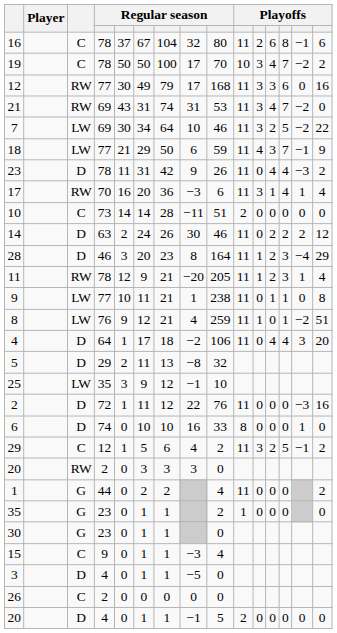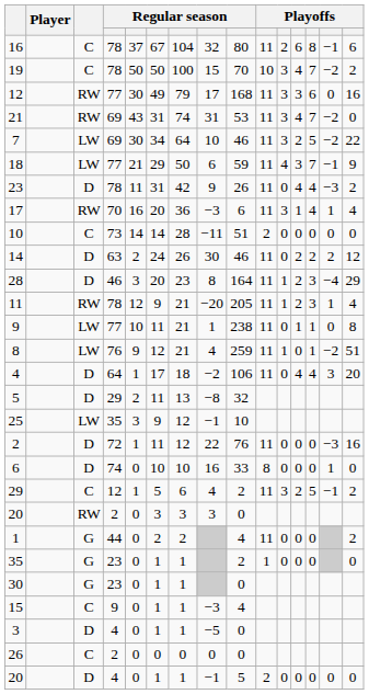 <table class="wikitable sortable plainrowheaders" style="text-align:center;">
 <tr>
 <th scope="col" data-sort-type="number" rowspan="2"></th>
 <th scope="col" rowspan="2">Player</th>
 <th scope="col" rowspan="2"></th>
 <th scope=colgroup colspan=6>Regular season</th>
 <th scope=colgroup colspan=6>Playoffs</th>
 </tr>
 <tr>
 <th scope="col" data-sort-type="number"></th>
 <th scope="col" data-sort-type="number"></th>
 <th scope="col" data-sort-type="number"></th>
 <th scope="col" data-sort-type="number"></th>
 <th scope="col" data-sort-type="number"></th>
 <th scope="col" data-sort-type="number"></th>
 <th scope="col" data-sort-type="number"></th>
 <th scope="col" data-sort-type="number"></th>
 <th scope="col" data-sort-type="number"></th>
 <th scope="col" data-sort-type="number"></th>
 <th scope="col" data-sort-type="number"></th>
 <th scope="col" data-sort-type="number"></th>
 </tr>
 <tr>
 <td scope="row">16</td>
 <td align="left"></td>
 <td>C</td>
 <td>78</td>
 <td>37</td>
 <td>67</td>
 <td>104</td>
 <td>32</td>
 <td>80</td>
 <td>11</td>
 <td>2</td>
 <td>6</td>
 <td>8</td>
 <td>−1</td>
 <td>6</td>
 </tr>
 <tr>
 <td scope="row">19</td>
 <td align="left"></td>
 <td>C</td>
 <td>78</td>
 <td>50</td>
 <td>50</td>
 <td>100</td>
-<td>17</td>
+<td>15</td>
 <td>70</td>
 <td>10</td>
 <td>3</td>
 <td>4</td>
 <td>7</td>
 <td>−2</td>
 <td>2</td>
 </tr>
 <tr>
 <td scope="row">12</td>
 <td align="left"></td>
 <td>RW</td>
 <td>77</td>
 <td>30</td>
 <td>49</td>
 <td>79</td>
 <td>17</td>
 <td>168</td>
 <td>11</td>
 <td>3</td>
 <td>3</td>
 <td>6</td>
 <td>0</td>
 <td>16</td>
 </tr>
 <tr>
 <td scope="row">21</td>
 <td align="left"></td>
 <td>RW</td>
 <td>69</td>
 <td>43</td>
 <td>31</td>
 <td>74</td>
 <td>31</td>
 <td>53</td>
 <td>11</td>
 <td>3</td>
 <td>4</td>
 <td>7</td>
 <td>−2</td>
 <td>0</td>
 </tr>
 <tr>
 <td scope="row">7</td>
 <td align="left"></td>
 <td>LW</td>
 <td>69</td>
 <td>30</td>
 <td>34</td>
 <td>64</td>
 <td>10</td>
 <td>46</td>
 <td>11</td>
 <td>3</td>
 <td>2</td>
 <td>5</td>
 <td>−2</td>
 <td>22</td>
 </tr>
 <tr>
 <td scope="row">18</td>
 <td align="left"></td>
 <td>LW</td>
 <td>77</td>
 <td>21</td>
 <td>29</td>
 <td>50</td>
 <td>6</td>
 <td>59</td>
 <td>11</td>
 <td>4</td>
 <td>3</td>
 <td>7</td>
 <td>−1</td>
 <td>9</td>
 </tr>
 <tr>
 <td scope="row">23</td>
 <td align="left"></td>
 <td>D</td>
 <td>78</td>
 <td>11</td>
 <td>31</td>
 <td>42</td>
 <td>9</td>
 <td>26</td>
 <td>11</td>
 <td>0</td>
 <td>4</td>
 <td>4</td>
 <td>−3</td>
 <td>2</td>
 </tr>
 <tr>
 <td scope="row">17</td>
 <td align="left"></td>
 <td>RW</td>
 <td>70</td>
 <td>16</td>
 <td>20</td>
 <td>36</td>
 <td>−3</td>
 <td>6</td>
 <td>11</td>
 <td>3</td>
 <td>1</td>
 <td>4</td>
 <td>1</td>
 <td>4</td>
 </tr>
 <tr>
 <td scope="row">10</td>
 <td align="left"></td>
 <td>C</td>
 <td>73</td>
 <td>14</td>
 <td>14</td>
 <td>28</td>
 <td>−11</td>
 <td>51</td>
 <td>2</td>
 <td>0</td>
 <td>0</td>
 <td>0</td>
 <td>0</td>
 <td>0</td>
 </tr>
 <tr>
 <td scope="row">14</td>
 <td align="left"></td>
 <td>D</td>
 <td>63</td>
 <td>2</td>
 <td>24</td>
 <td>26</td>
 <td>30</td>
 <td>46</td>
 <td>11</td>
 <td>0</td>
 <td>2</td>
 <td>2</td>
 <td>2</td>
 <td>12</td>
 </tr>
 <tr>
 <td scope="row">28</td>
 <td align="left"></td>
 <td>D</td>
 <td>46</td>
 <td>3</td>
 <td>20</td>
 <td>23</td>
 <td>8</td>
 <td>164</td>
 <td>11</td>
 <td>1</td>
 <td>2</td>
 <td>3</td>
 <td>−4</td>
 <td>29</td>
 </tr>
 <tr>
 <td scope="row">11</td>
 <td align="left"></td>
 <td>RW</td>
 <td>78</td>
 <td>12</td>
 <td>9</td>
 <td>21</td>
 <td>−20</td>
 <td>205</td>
 <td>11</td>
 <td>1</td>
 <td>2</td>
 <td>3</td>
 <td>1</td>
 <td>4</td>
 </tr>
 <tr>
 <td scope="row">9</td>
 <td align="left"></td>
 <td>LW</td>
 <td>77</td>
 <td>10</td>
 <td>11</td>
 <td>21</td>
 <td>1</td>
 <td>238</td>
 <td>11</td>
 <td>0</td>
 <td>1</td>
 <td>1</td>
 <td>0</td>
 <td>8</td>
 </tr>
 <tr>
 <td scope="row">8</td>
 <td align="left"></td>
 <td>LW</td>
 <td>76</td>
 <td>9</td>
 <td>12</td>
 <td>21</td>
 <td>4</td>
 <td>259</td>
 <td>11</td>
 <td>1</td>
 <td>0</td>
 <td>1</td>
 <td>−2</td>
 <td>51</td>
 </tr>
 <tr>
 <td scope="row">4</td>
 <td align="left"></td>
 <td>D</td>
 <td>64</td>
 <td>1</td>
 <td>17</td>
 <td>18</td>
 <td>−2</td>
 <td>106</td>
 <td>11</td>
 <td>0</td>
 <td>4</td>
 <td>4</td>
 <td>3</td>
 <td>20</td>
 </tr>
 <tr>
 <td scope="row">5</td>
 <td align="left"></td>
 <td>D</td>
 <td>29</td>
 <td>2</td>
 <td>11</td>
 <td>13</td>
 <td>−8</td>
 <td>32</td>
 <td></td>
 <td></td>
 <td></td>
 <td></td>
 <td></td>
 <td></td>
 </tr>
 <tr>
 <td scope="row">25</td>
 <td align="left"></td>
 <td>LW</td>
 <td>35</td>
 <td>3</td>
 <td>9</td>
 <td>12</td>
 <td>−1</td>
 <td>10</td>
 <td></td>
 <td></td>
 <td></td>
 <td></td>
 <td></td>
 <td></td>
 </tr>
 <tr>
 <td scope="row">2</td>
 <td align="left"></td>
 <td>D</td>
 <td>72</td>
 <td>1</td>
 <td>11</td>
 <td>12</td>
 <td>22</td>
 <td>76</td>
 <td>11</td>
 <td>0</td>
 <td>0</td>
 <td>0</td>
 <td>−3</td>
 <td>16</td>
 </tr>
 <tr>
 <td scope="row">6</td>
 <td align="left"></td>
 <td>D</td>
 <td>74</td>
 <td>0</td>
 <td>10</td>
 <td>10</td>
 <td>16</td>
 <td>33</td>
 <td>8</td>
 <td>0</td>
 <td>0</td>
 <td>0</td>
 <td>1</td>
 <td>0</td>
 </tr>
 <tr>
 <td scope="row">29</td>
 <td align="left"></td>
 <td>C</td>
 <td>12</td>
 <td>1</td>
 <td>5</td>
 <td>6</td>
 <td>4</td>
 <td>2</td>
 <td>11</td>
 <td>3</td>
 <td>2</td>
 <td>5</td>
 <td>−1</td>
 <td>2</td>
 </tr>
 <tr>
 <td scope="row">20</td>
 <td align="left"></td>
 <td>RW</td>
 <td>2</td>
 <td>0</td>
 <td>3</td>
 <td>3</td>
 <td>3</td>
 <td>0</td>
 <td></td>
 <td></td>
 <td></td>
 <td></td>
 <td></td>
 <td></td>
 </tr>
 <tr>
 <td scope="row">1</td>
 <td align="left"></td>
 <td>G</td>
 <td>44</td>
 <td>0</td>
 <td>2</td>
 <td>2</td>
 <td style="background:#ccc"></td>
 <td>4</td>
 <td>11</td>
 <td>0</td>
 <td>0</td>
 <td>0</td>
 <td style="background:#ccc"></td>
 <td>2</td>
 </tr>
 <tr>
 <td scope="row">35</td>
 <td align="left"></td>
 <td>G</td>
 <td>23</td>
 <td>0</td>
 <td>1</td>
 <td>1</td>
 <td style="background:#ccc"></td>
 <td>2</td>
 <td>1</td>
 <td>0</td>
 <td>0</td>
 <td>0</td>
 <td style="background:#ccc"></td>
 <td>0</td>
 </tr>
 <tr>
 <td scope="row">30</td>
 <td align="left"></td>
 <td>G</td>
 <td>23</td>
 <td>0</td>
 <td>1</td>
 <td>1</td>
 <td style="background:#ccc"></td>
 <td>0</td>
 <td></td>
 <td></td>
 <td></td>
 <td></td>
 <td></td>
 <td></td>
 </tr>
 <tr>
 <td scope="row">15</td>
 <td align="left"></td>
 <td>C</td>
 <td>9</td>
 <td>0</td>
 <td>1</td>
 <td>1</td>
 <td>−3</td>
 <td>4</td>
 <td></td>
 <td></td>
 <td></td>
 <td></td>
 <td></td>
 <td></td>
 </tr>
 <tr>
 <td scope="row">3</td>
 <td align="left"></td>
 <td>D</td>
 <td>4</td>
 <td>0</td>
 <td>1</td>
 <td>1</td>
 <td>−5</td>
 <td>0</td>
 <td></td>
 <td></td>
 <td></td>
 <td></td>
 <td></td>
 <td></td>
 </tr>
 <tr>
 <td scope="row">26</td>
 <td align="left"></td>
 <td>C</td>
 <td>2</td>
 <td>0</td>
 <td>0</td>
 <td>0</td>
 <td>0</td>
 <td>0</td>
 <td></td>
 <td></td>
 <td></td>
 <td></td>
 <td></td>
 <td></td>
 </tr>
 <tr>
 <td scope="row">20</td>
 <td align="left"></td>
 <td>D</td>
 <td>4</td>
 <td>0</td>
 <td>1</td>
 <td>1</td>
 <td>−1</td>
 <td>5</td>
 <td>2</td>
 <td>0</td>
 <td>0</td>
 <td>0</td>
 <td>0</td>
 <td>0</td>
 </tr>
 </table>
